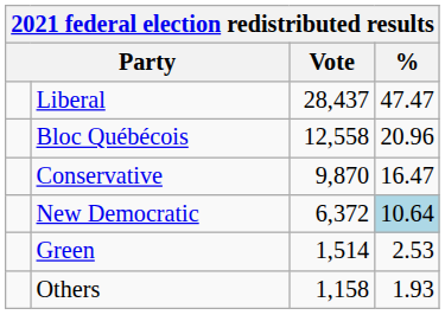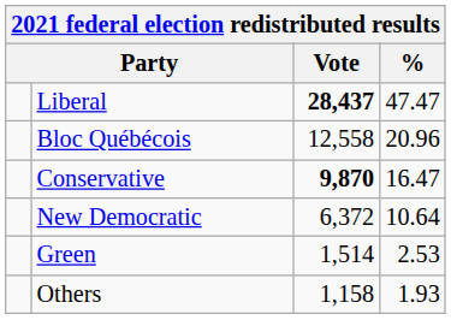 <table class="wikitable">
 <tr>
 <th colspan="4"><a href='#'>2021 federal election</a> redistributed results</th>
 </tr>
 <tr>
 <th bgcolor="#DDDDFF" width="130px" colspan="2">Party</th>
 <th bgcolor="#DDDDFF" width="50px">Vote</th>
 <th bgcolor="#DDDDFF" width="30px">%</th>
 </tr>
 <tr>
 <td> </td>
 <td><a href='#'>Liberal</a></td>
-<td align=right>28,437</td>
+<td align=right><strong>28,437</strong></td>
 <td align=right>47.47</td>
 </tr>
 <tr>
 <td> </td>
 <td><a href='#'>Bloc Québécois</a></td>
 <td align=right>12,558</td>
 <td align=right>20.96</td>
 </tr>
 <tr>
 <td> </td>
 <td><a href='#'>Conservative</a></td>
-<td align=right>9,870</td>
+<td align=right><strong>9,870</strong></td>
 <td align=right>16.47</td>
 </tr>
 <tr>
 <td> </td>
 <td><a href='#'>New Democratic</a></td>
 <td align=right>6,372</td>
-<td align=right style="background: lightblue;">10.64</td>
+<td align=right>10.64</td>
 </tr>
 <tr>
 <td> </td>
 <td><a href='#'>Green</a></td>
 <td align=right>1,514</td>
 <td align=right>2.53</td>
 </tr>
 <tr>
 <td> </td>
 <td>Others</td>
 <td align=right>1,158</td>
 <td align=right>1.93</td>
 </tr>
 </table>
